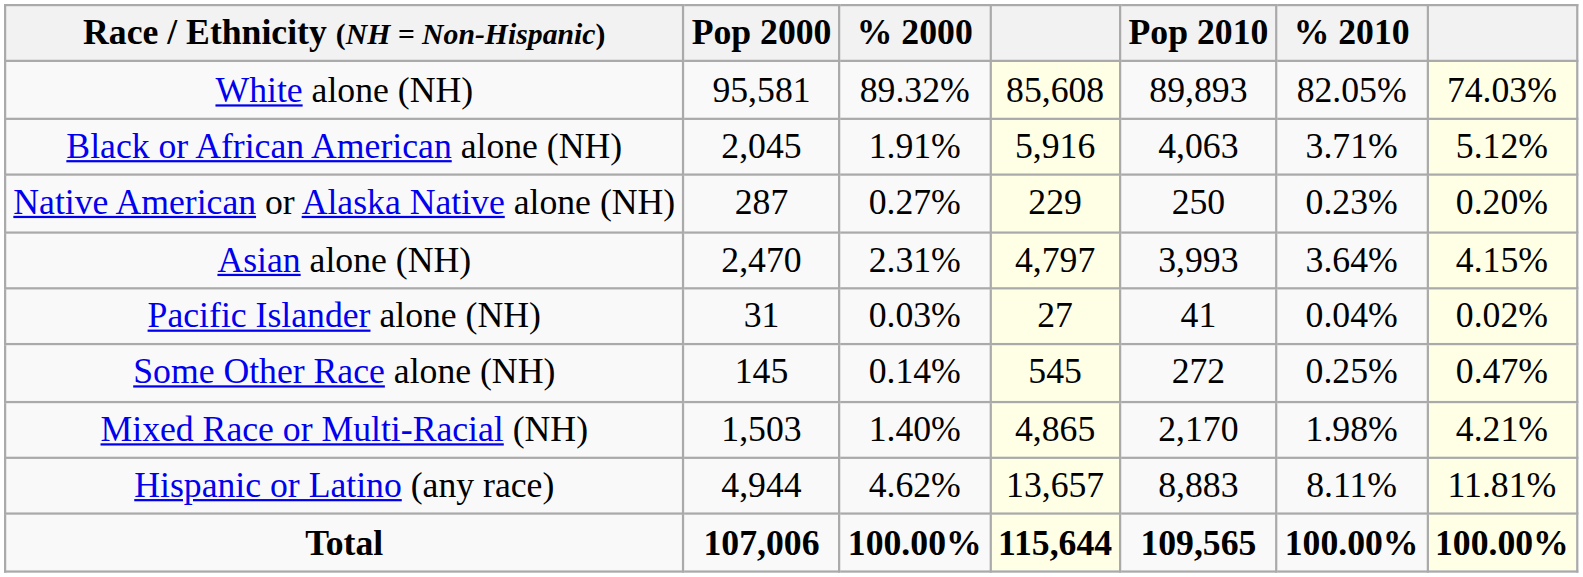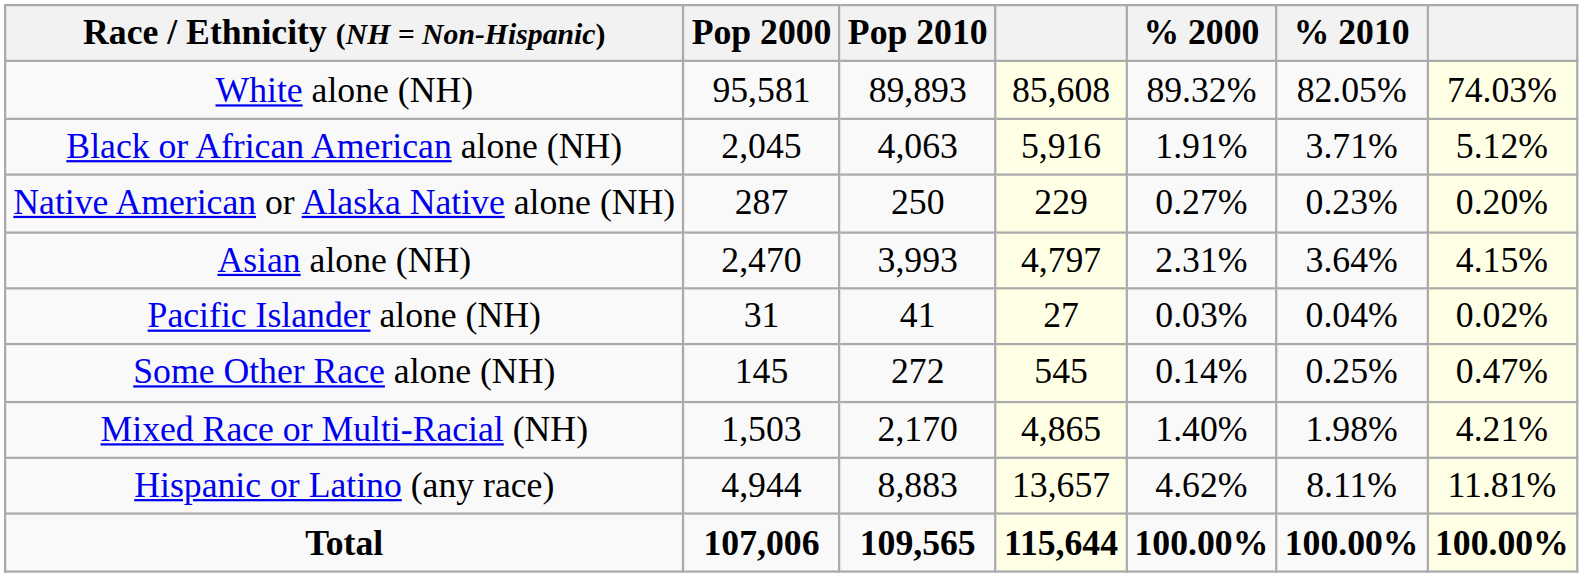 <table class="wikitable" style="text-align:center;">
 <tr>
 <th>Race / Ethnicity <small>(<em>NH = Non-Hispanic</em>)</small></th>
 <th>Pop 2000</th>
+<th>Pop 2010</th>
+<th></th>
 <th>% 2000</th>
-<th></th>
-<th>Pop 2010</th>
 <th>% 2010</th>
 <th></th>
 </tr>
 <tr>
 <td><a href='#'>White</a> alone (NH)</td>
 <td>95,581</td>
+<td>89,893</td>
+<td style='background: #ffffe6;'>85,608</td>
 <td>89.32%</td>
-<td style='background: #ffffe6;'>85,608</td>
-<td>89,893</td>
 <td>82.05%</td>
 <td style='background: #ffffe6;'>74.03%</td>
 </tr>
 <tr>
 <td><a href='#'>Black or African American</a> alone (NH)</td>
 <td>2,045</td>
+<td>4,063</td>
+<td style='background: #ffffe6;'>5,916</td>
 <td>1.91%</td>
-<td style='background: #ffffe6;'>5,916</td>
-<td>4,063</td>
 <td>3.71%</td>
 <td style='background: #ffffe6;'>5.12%</td>
 </tr>
 <tr>
 <td><a href='#'>Native American</a> or <a href='#'>Alaska Native</a> alone (NH)</td>
 <td>287</td>
+<td>250</td>
+<td style='background: #ffffe6;'>229</td>
 <td>0.27%</td>
-<td style='background: #ffffe6;'>229</td>
-<td>250</td>
 <td>0.23%</td>
 <td style='background: #ffffe6;'>0.20%</td>
 </tr>
 <tr>
 <td><a href='#'>Asian</a> alone (NH)</td>
 <td>2,470</td>
+<td>3,993</td>
+<td style='background: #ffffe6;'>4,797</td>
 <td>2.31%</td>
-<td style='background: #ffffe6;'>4,797</td>
-<td>3,993</td>
 <td>3.64%</td>
 <td style='background: #ffffe6;'>4.15%</td>
 </tr>
 <tr>
 <td><a href='#'>Pacific Islander</a> alone (NH)</td>
 <td>31</td>
+<td>41</td>
+<td style='background: #ffffe6;'>27</td>
 <td>0.03%</td>
-<td style='background: #ffffe6;'>27</td>
-<td>41</td>
 <td>0.04%</td>
 <td style='background: #ffffe6;'>0.02%</td>
 </tr>
 <tr>
 <td><a href='#'>Some Other Race</a> alone (NH)</td>
 <td>145</td>
+<td>272</td>
+<td style='background: #ffffe6;'>545</td>
 <td>0.14%</td>
-<td style='background: #ffffe6;'>545</td>
-<td>272</td>
 <td>0.25%</td>
 <td style='background: #ffffe6;'>0.47%</td>
 </tr>
 <tr>
 <td><a href='#'>Mixed Race or Multi-Racial</a> (NH)</td>
 <td>1,503</td>
+<td>2,170</td>
+<td style='background: #ffffe6;'>4,865</td>
 <td>1.40%</td>
-<td style='background: #ffffe6;'>4,865</td>
-<td>2,170</td>
 <td>1.98%</td>
 <td style='background: #ffffe6;'>4.21%</td>
 </tr>
 <tr>
 <td><a href='#'>Hispanic or Latino</a> (any race)</td>
 <td>4,944</td>
+<td>8,883</td>
+<td style='background: #ffffe6;'>13,657</td>
 <td>4.62%</td>
-<td style='background: #ffffe6;'>13,657</td>
-<td>8,883</td>
 <td>8.11%</td>
 <td style='background: #ffffe6;'>11.81%</td>
 </tr>
 <tr>
 <td><strong>Total</strong></td>
 <td><strong>107,006</strong></td>
+<td><strong>109,565</strong></td>
+<td style='background: #ffffe6;'><strong>115,644</strong></td>
 <td><strong>100.00%</strong></td>
-<td style='background: #ffffe6;'><strong>115,644</strong></td>
-<td><strong>109,565</strong></td>
 <td><strong>100.00%</strong></td>
 <td style='background: #ffffe6;'><strong>100.00%</strong></td>
 </tr>
 </table>
